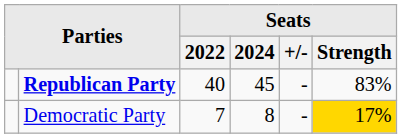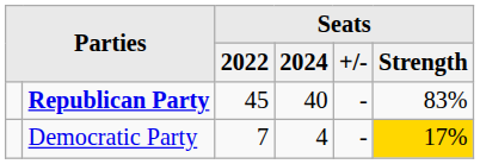 <table class=wikitable>
 <tr>
 <th style="background-color:#E9E9E9" align=center rowspan=2 colspan=2>Parties</th>
 <th style="background-color:#E9E9E9" align=center colspan=5>Seats</th>
 </tr>
 <tr bgcolor=#E9E9E9>
 <th>2022</th>
 <th>2024</th>
 <th>+/-</th>
 <th>Strength</th>
 </tr>
 <tr>
 <td style="background-color:"> </td>
 <td><strong><a href='#'>Republican Party</a></strong></td>
+<td align=right>45</td>
 <td align=right>40</td>
-<td align=right>45</td>
 <td align=right>-</td>
 <td align=right>83%</td>
 </tr>
 <tr>
 <td style="background-color:"> </td>
 <td><a href='#'>Democratic Party</a></td>
 <td align=right>7</td>
-<td align=right>8</td>
+<td align=right>4</td>
 <td align=right>-</td>
 <td align=right style="background: gold;">17%</td>
 </tr>
 </table>
